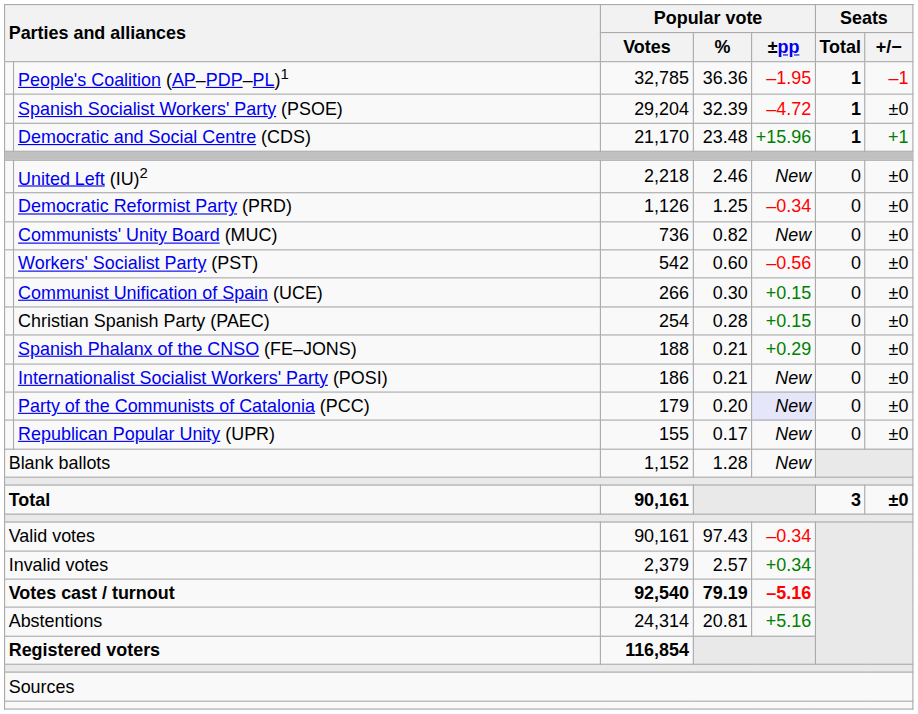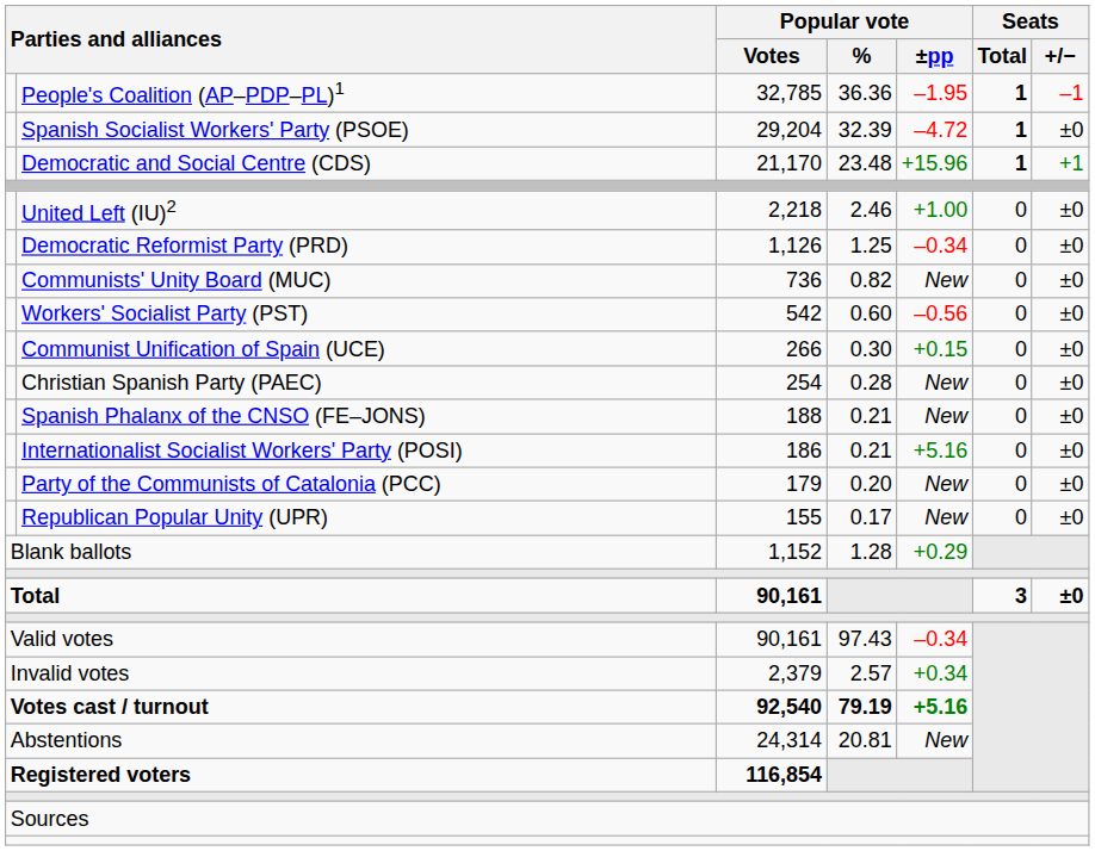 <table class="wikitable" style="text-align:right;">
 <tr>
 <th style="text-align:left;" rowspan="2" colspan="2" width="525">Parties and alliances</th>
 <th colspan="3">Popular vote</th>
 <th colspan="2">Seats</th>
 </tr>
 <tr>
 <th width="75">Votes</th>
 <th width="45">%</th>
 <th width="45">±<a href='#'>pp</a></th>
 <th width="35">Total</th>
 <th width="35">+/−</th>
 </tr>
 <tr>
 <td width="1" style="color:inherit;background:"></td>
 <td align="left"><a href='#'>People's Coalition</a> (<a href='#'>AP</a>–<a href='#'>PDP</a>–<a href='#'>PL</a>)<sup>1</sup></td>
 <td>32,785</td>
 <td>36.36</td>
 <td style="color:red;">–1.95</td>
 <td><strong>1</strong></td>
 <td style="color:red;">–1</td>
 </tr>
 <tr>
 <td style="color:inherit;background:"></td>
 <td align="left"><a href='#'>Spanish Socialist Workers' Party</a> (PSOE)</td>
 <td>29,204</td>
 <td>32.39</td>
 <td style="color:red;">–4.72</td>
 <td><strong>1</strong></td>
 <td>±0</td>
 </tr>
 <tr>
 <td style="color:inherit;background:"></td>
 <td align="left"><a href='#'>Democratic and Social Centre</a> (CDS)</td>
 <td>21,170</td>
 <td>23.48</td>
 <td style="color:green;">+15.96</td>
 <td><strong>1</strong></td>
 <td style="color:green;">+1</td>
 </tr>
 <tr>
 <td colspan="7" bgcolor="#C0C0C0"></td>
 </tr>
 <tr>
 <td style="color:inherit;background:"></td>
 <td align="left"><a href='#'>United Left</a> (IU)<sup>2</sup></td>
 <td>2,218</td>
 <td>2.46</td>
-<td><em>New</em></td>
+<td style="color:green;">+1.00</td>
 <td>0</td>
 <td>±0</td>
 </tr>
 <tr>
 <td style="color:inherit;background:"></td>
 <td align="left"><a href='#'>Democratic Reformist Party</a> (PRD)</td>
 <td>1,126</td>
 <td>1.25</td>
 <td style="color:red;">–0.34</td>
 <td>0</td>
 <td>±0</td>
 </tr>
 <tr>
 <td style="color:inherit;background:"></td>
 <td align="left"><a href='#'>Communists' Unity Board</a> (MUC)</td>
 <td>736</td>
 <td>0.82</td>
 <td><em>New</em></td>
 <td>0</td>
 <td>±0</td>
 </tr>
 <tr>
 <td style="color:inherit;background:"></td>
 <td align="left"><a href='#'>Workers' Socialist Party</a> (PST)</td>
 <td>542</td>
 <td>0.60</td>
 <td style="color:red;">–0.56</td>
 <td>0</td>
 <td>±0</td>
 </tr>
 <tr>
 <td style="color:inherit;background:"></td>
 <td align="left"><a href='#'>Communist Unification of Spain</a> (UCE)</td>
 <td>266</td>
 <td>0.30</td>
 <td style="color:green;">+0.15</td>
 <td>0</td>
 <td>±0</td>
 </tr>
 <tr>
 <td style="color:inherit;background:"></td>
 <td align="left">Christian Spanish Party (PAEC)</td>
 <td>254</td>
 <td>0.28</td>
-<td style="color:green;">+0.15</td>
+<td><em>New</em></td>
 <td>0</td>
 <td>±0</td>
 </tr>
 <tr>
 <td style="color:inherit;background:"></td>
 <td align="left"><a href='#'>Spanish Phalanx of the CNSO</a> (FE–JONS)</td>
 <td>188</td>
 <td>0.21</td>
-<td style="color:green;">+0.29</td>
+<td><em>New</em></td>
 <td>0</td>
 <td>±0</td>
 </tr>
 <tr>
 <td style="color:inherit;background:"></td>
 <td align="left"><a href='#'>Internationalist Socialist Workers' Party</a> (POSI)</td>
 <td>186</td>
 <td>0.21</td>
-<td><em>New</em></td>
+<td style="color:green;">+5.16</td>
 <td>0</td>
 <td>±0</td>
 </tr>
 <tr>
 <td style="color:inherit;background:"></td>
 <td align="left"><a href='#'>Party of the Communists of Catalonia</a> (PCC)</td>
 <td>179</td>
 <td>0.20</td>
-<td style="background: lavender;"><em>New</em></td>
+<td><em>New</em></td>
 <td>0</td>
 <td>±0</td>
 </tr>
 <tr>
 <td style="color:inherit;background:"></td>
 <td align="left"><a href='#'>Republican Popular Unity</a> (UPR)</td>
 <td>155</td>
 <td>0.17</td>
 <td><em>New</em></td>
 <td>0</td>
 <td>±0</td>
 </tr>
 <tr>
 <td align="left" colspan="2">Blank ballots</td>
 <td>1,152</td>
 <td>1.28</td>
-<td><em>New</em></td>
+<td style="color:green;">+0.29</td>
 <td bgcolor="#E9E9E9" colspan="2"></td>
 </tr>
 <tr>
 <td colspan="7" bgcolor="#E9E9E9"></td>
 </tr>
 <tr style="font-weight:bold;">
 <td align="left" colspan="2">Total</td>
 <td>90,161</td>
 <td bgcolor="#E9E9E9" colspan="2"></td>
 <td>3</td>
 <td>±0</td>
 </tr>
 <tr>
 <td colspan="7" bgcolor="#E9E9E9"></td>
 </tr>
 <tr>
 <td align="left" colspan="2">Valid votes</td>
 <td>90,161</td>
 <td>97.43</td>
 <td style="color:red;">–0.34</td>
 <td bgcolor="#E9E9E9" colspan="2" rowspan="5"></td>
 </tr>
 <tr>
 <td align="left" colspan="2">Invalid votes</td>
 <td>2,379</td>
 <td>2.57</td>
 <td style="color:green;">+0.34</td>
 </tr>
 <tr style="font-weight:bold;">
 <td align="left" colspan="2">Votes cast / turnout</td>
 <td>92,540</td>
 <td>79.19</td>
-<td style="color:red;">–5.16</td>
+<td style="color:green;">+5.16</td>
 </tr>
 <tr>
 <td align="left" colspan="2">Abstentions</td>
 <td>24,314</td>
 <td>20.81</td>
-<td style="color:green;">+5.16</td>
+<td><em>New</em></td>
 </tr>
 <tr style="font-weight:bold;">
 <td align="left" colspan="2">Registered voters</td>
 <td>116,854</td>
 <td bgcolor="#E9E9E9" colspan="2"></td>
 </tr>
 <tr>
 <td colspan="7" bgcolor="#E9E9E9"></td>
 </tr>
 <tr>
 <td align="left" colspan="7">Sources</td>
 </tr>
 <tr>
 <td colspan="7" style="text-align:left; max-width:790px;"></td>
 </tr>
 </table>
